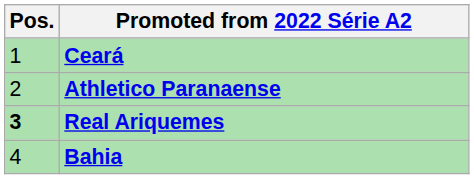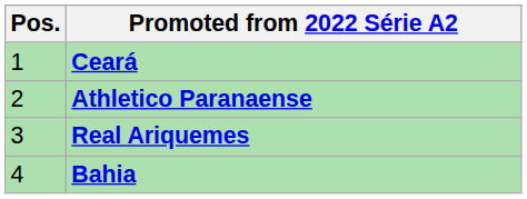 <table class="wikitable">
 <tr>
 <th style="text-align:center;">Pos.</th>
 <th width=300>Promoted from <a href='#'>2022 Série A2</a></th>
 </tr>
 <tr style="background: #ACE1AF;">
 <td>1</td>
 <td><strong><a href='#'>Ceará</a></strong></td>
 </tr>
 <tr style="background: #ACE1AF;">
 <td>2</td>
 <td><strong><a href='#'>Athletico Paranaense</a></strong></td>
 </tr>
 <tr style="background: #ACE1AF;">
-<td><strong>3</strong></td>
+<td>3</td>
 <td><strong><a href='#'>Real Ariquemes</a></strong></td>
 </tr>
 <tr style="background: #ACE1AF;">
 <td>4</td>
 <td><strong><a href='#'>Bahia</a></strong></td>
 </tr>
 </table>
